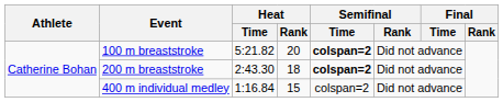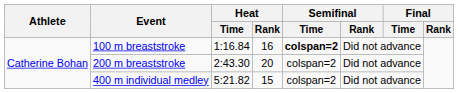 <table class=wikitable style="font-size:90%;">
 <tr>
 <th rowspan=2>Athlete</th>
 <th rowspan=2>Event</th>
 <th colspan=2>Heat</th>
 <th colspan=2>Semifinal</th>
 <th colspan=2>Final</th>
 </tr>
 <tr style="font-size:95%">
 <th>Time</th>
 <th>Rank</th>
 <th>Time</th>
 <th>Rank</th>
 <th>Time</th>
 <th>Rank</th>
 </tr>
 <tr align=center>
 <td rowspan=3 align=left><a href='#'>Catherine Bohan</a></td>
 <td align=left><a href='#'>100 m breaststroke</a></td>
-<td>5:21.82</td>
-<td>20</td>
+<td>1:16.84</td>
+<td>16</td>
 <td><strong>colspan=2 </strong></td>
 <td colspan=2>Did not advance</td>
 </tr>
 <tr align=center>
 <td align=left><a href='#'>200 m breaststroke</a></td>
 <td>2:43.30</td>
-<td>18</td>
-<td><strong>colspan=2 </strong></td>
+<td>20</td>
+<td>colspan=2 </td>
 <td colspan=2>Did not advance</td>
 </tr>
 <tr align=center>
 <td align=left><a href='#'>400 m individual medley</a></td>
-<td>1:16.84</td>
+<td>5:21.82</td>
 <td>15</td>
 <td>colspan=2 </td>
 <td colspan=2>Did not advance</td>
 </tr>
 </table>
